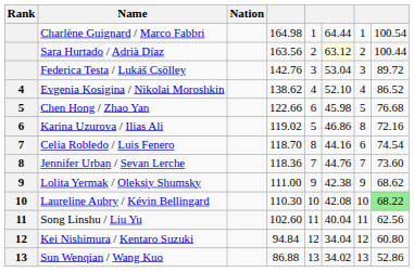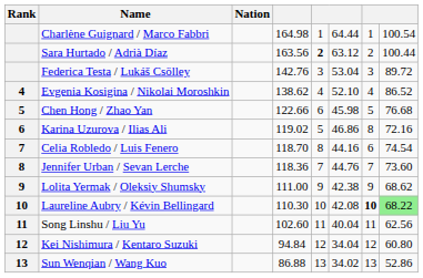 <table class="wikitable sortable" style="text-align:center">
 <tr>
 <th>Rank</th>
 <th>Name</th>
 <th>Nation</th>
 <th></th>
 <th colspan=2></th>
 <th colspan=2></th>
 </tr>
 <tr>
 <th></th>
 <td align=left><a href='#'>Charlène Guignard</a> / <a href='#'>Marco Fabbri</a></td>
 <td align=left></td>
 <td>164.98</td>
 <td>1</td>
 <td>64.44</td>
 <td>1</td>
 <td>100.54</td>
 </tr>
 <tr>
 <th></th>
 <td align=left><a href='#'>Sara Hurtado</a> / <a href='#'>Adrià Díaz</a></td>
 <td align=left></td>
 <td>163.56</td>
-<td>2</td>
-<td style="background: lightyellow;">63.12</td>
+<td><strong>2</strong></td>
+<td>63.12</td>
 <td>2</td>
 <td>100.44</td>
 </tr>
 <tr>
 <th></th>
 <td align=left><a href='#'>Federica Testa</a> / <a href='#'>Lukáš Csölley</a></td>
 <td align=left></td>
 <td>142.76</td>
 <td>3</td>
 <td>53.04</td>
 <td>3</td>
 <td>89.72</td>
 </tr>
 <tr>
 <th>4</th>
 <td align=left><a href='#'>Evgenia Kosigina</a> / <a href='#'>Nikolai Moroshkin</a></td>
 <td align=left></td>
 <td>138.62</td>
 <td>4</td>
 <td>52.10</td>
 <td>4</td>
 <td>86.52</td>
 </tr>
 <tr>
 <th>5</th>
 <td align=left><a href='#'>Chen Hong</a> / <a href='#'>Zhao Yan</a></td>
 <td align=left></td>
 <td>122.66</td>
 <td>6</td>
 <td>45.98</td>
 <td>5</td>
 <td>76.68</td>
 </tr>
 <tr>
 <th>6</th>
 <td align=left><a href='#'>Karina Uzurova</a> / <a href='#'>Ilias Ali</a></td>
 <td align=left></td>
 <td>119.02</td>
 <td>5</td>
 <td>46.86</td>
 <td>8</td>
 <td>72.16</td>
 </tr>
 <tr>
 <th>7</th>
 <td align=left><a href='#'>Celia Robledo</a> / <a href='#'>Luis Fenero</a></td>
 <td align=left></td>
 <td>118.70</td>
 <td>8</td>
 <td>44.16</td>
 <td>6</td>
 <td>74.54</td>
 </tr>
 <tr>
 <th>8</th>
 <td align=left><a href='#'>Jennifer Urban</a> / <a href='#'>Sevan Lerche</a></td>
 <td align=left></td>
 <td>118.36</td>
 <td>7</td>
 <td>44.76</td>
 <td>7</td>
 <td>73.60</td>
 </tr>
 <tr>
 <th>9</th>
 <td align=left><a href='#'>Lolita Yermak</a> / <a href='#'>Oleksiy Shumsky</a></td>
 <td align=left></td>
 <td>111.00</td>
 <td>9</td>
 <td>42.38</td>
 <td>9</td>
 <td>68.62</td>
 </tr>
 <tr>
 <th>10</th>
 <td align=left><a href='#'>Laureline Aubry</a> / <a href='#'>Kévin Bellingard</a></td>
 <td align=left></td>
 <td>110.30</td>
 <td>10</td>
 <td>42.08</td>
-<td>10</td>
+<td><strong>10</strong></td>
 <td style="background: lightgreen;">68.22</td>
 </tr>
 <tr>
 <th>11</th>
 <td align=left>Song Linshu / <a href='#'>Liu Yu</a></td>
 <td align=left></td>
 <td>102.60</td>
 <td>11</td>
 <td>40.04</td>
 <td>11</td>
 <td>62.56</td>
 </tr>
 <tr>
 <th>12</th>
 <td align=left><a href='#'>Kei Nishimura</a> / <a href='#'>Kentaro Suzuki</a></td>
 <td align=left></td>
 <td>94.84</td>
 <td>12</td>
 <td>34.04</td>
 <td>12</td>
 <td>60.80</td>
 </tr>
 <tr>
 <th>13</th>
 <td align=left><a href='#'>Sun Wenqian</a> / <a href='#'>Wang Kuo</a></td>
 <td align=left></td>
 <td>86.88</td>
 <td>13</td>
 <td>34.02</td>
 <td>13</td>
 <td>52.86</td>
 </tr>
 </table>
